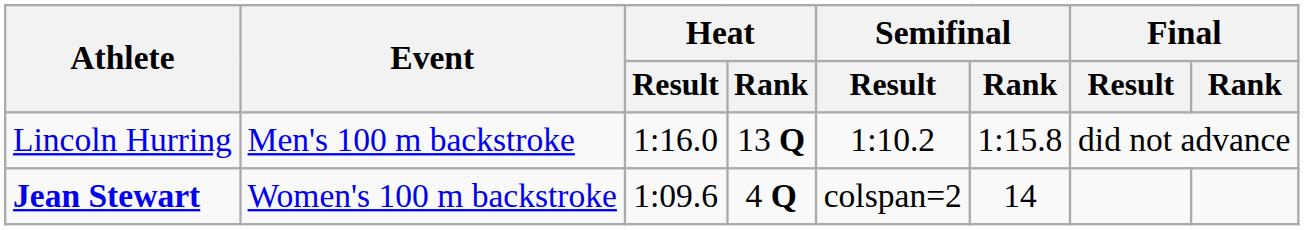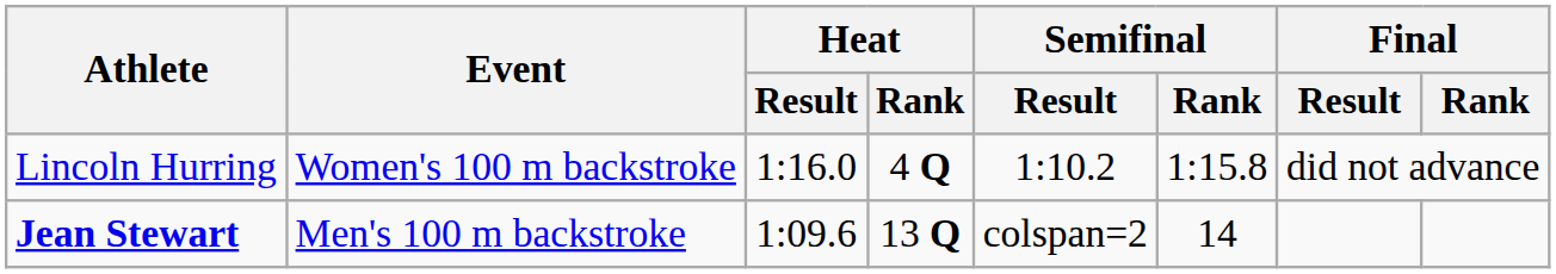 <table class="wikitable" style="font-size:90%;text-align:center;">
 <tr>
 <th rowspan=2>Athlete</th>
 <th rowspan=2>Event</th>
 <th colspan=2>Heat</th>
 <th colspan=2>Semifinal</th>
 <th colspan=2>Final</th>
 </tr>
 <tr style="font-size:95%">
 <th>Result</th>
 <th>Rank</th>
 <th>Result</th>
 <th>Rank</th>
 <th>Result</th>
 <th>Rank</th>
 </tr>
 <tr align=center>
 <td align=left><a href='#'>Lincoln Hurring</a></td>
-<td align=left><a href='#'>Men's 100 m backstroke</a></td>
+<td align=left><a href='#'>Women's 100 m backstroke</a></td>
 <td>1:16.0</td>
-<td>13 <strong>Q</strong></td>
+<td>4 <strong>Q</strong></td>
 <td>1:10.2</td>
 <td>1:15.8</td>
 <td colspan=2>did not advance</td>
 </tr>
 <tr align=center>
 <td align=left><strong><a href='#'>Jean Stewart</a></strong></td>
-<td align=left><a href='#'>Women's 100 m backstroke</a></td>
+<td align=left><a href='#'>Men's 100 m backstroke</a></td>
 <td>1:09.6</td>
-<td>4 <strong>Q</strong></td>
+<td>13 <strong>Q</strong></td>
 <td>colspan=2 </td>
 <td>14</td>
 <td></td>
 </tr>
 </table>
